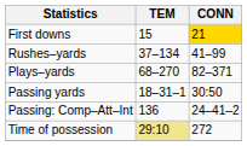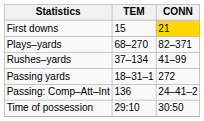 <table class="wikitable" style="float: left;">
 <tr>
 <th>Statistics</th>
 <th>TEM</th>
 <th>CONN</th>
 </tr>
 <tr>
 <td>First downs</td>
 <td>15</td>
 <td style="background: gold;">21</td>
 </tr>
 <tr>
+<td>Plays–yards</td>
+<td>68–270</td>
+<td>82–371</td>
+</tr>
+<tr>
 <td>Rushes–yards</td>
 <td>37–134</td>
 <td>41–99</td>
 </tr>
 <tr>
-<td>Plays–yards</td>
-<td>68–270</td>
-<td>82–371</td>
-</tr>
-<tr>
 <td>Passing yards</td>
 <td>18–31–1</td>
-<td>30:50</td>
+<td>272</td>
 </tr>
 <tr>
 <td>Passing: Comp–Att–Int</td>
 <td>136</td>
 <td>24–41–2</td>
 </tr>
 <tr>
 <td>Time of possession</td>
-<td style="background: khaki;">29:10</td>
-<td>272</td>
+<td>29:10</td>
+<td>30:50</td>
 </tr>
 <tr>
 </tr>
 </table>
